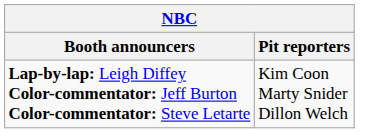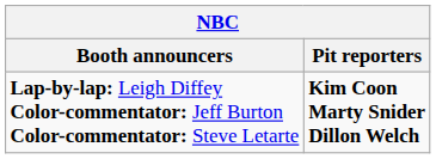 <table class="wikitable" style="font-size: 95%">
 <tr>
 <th colspan="2"><a href='#'>NBC</a></th>
 </tr>
 <tr>
 <th>Booth announcers</th>
 <th>Pit reporters</th>
 </tr>
 <tr>
 <td><strong>Lap-by-lap:</strong> <a href='#'>Leigh Diffey</a><br><strong>Color-commentator:</strong> <a href='#'>Jeff Burton</a><br><strong>Color-commentator:</strong> <a href='#'>Steve Letarte</a></td>
-<td>Kim Coon<br>Marty Snider<br>Dillon Welch</td>
+<td><strong>Kim Coon<br>Marty Snider<br>Dillon Welch</strong></td>
 </tr>
 </table>
